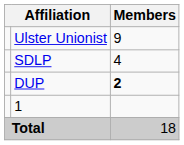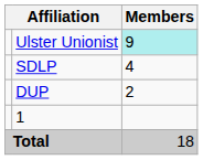 <table class="wikitable">
 <tr>
 <th colspan="2">Affiliation</th>
 <th>Members</th>
 </tr>
 <tr>
 <td></td>
 <td><a href='#'>Ulster Unionist</a></td>
-<td>9</td>
+<td style="background: paleturquoise;">9</td>
 </tr>
 <tr>
 <td></td>
 <td><a href='#'>SDLP</a></td>
 <td>4</td>
 </tr>
 <tr>
 <td></td>
 <td><a href='#'>DUP</a></td>
-<td><strong>2</strong></td>
+<td>2</td>
 </tr>
 <tr>
 <td></td>
 <td>1</td>
 </tr>
 <tr bgcolor="CCCCCC">
 <td colspan="2" rowspan="1"> <strong>Total</strong></td>
 <td align="right">18</td>
 </tr>
 </table>
